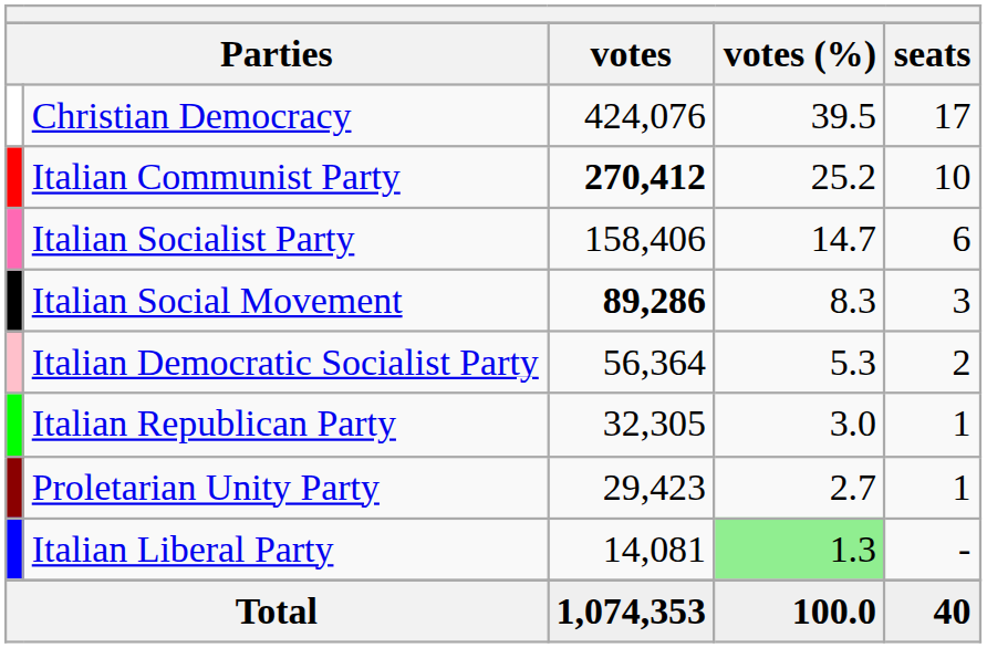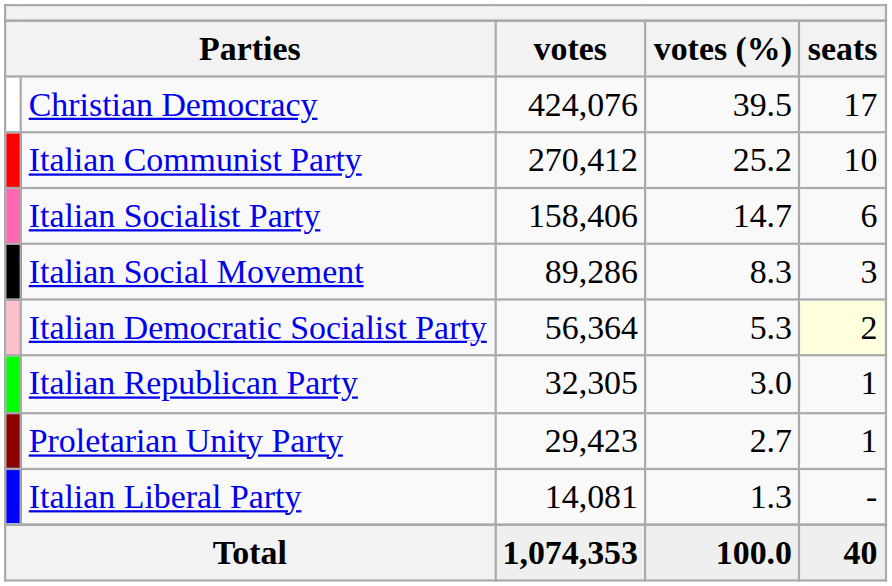 <table class="wikitable" style="font-size:95%">
 <tr>
 <th colspan=5></th>
 </tr>
 <tr>
 </tr>
 <tr bgcolor="EFEFEF">
 <th colspan=2>Parties</th>
 <th>votes</th>
 <th>votes (%)</th>
 <th>seats</th>
 </tr>
 <tr>
 <td bgcolor=White></td>
 <td><a href='#'>Christian Democracy</a></td>
 <td align=right>424,076</td>
 <td align=right>39.5</td>
 <td align=right>17</td>
 </tr>
 <tr>
 <td bgcolor=Red></td>
 <td><a href='#'>Italian Communist Party</a></td>
-<td align=right><strong>270,412</strong></td>
+<td align=right>270,412</td>
 <td align=right>25.2</td>
 <td align=right>10</td>
 </tr>
 <tr>
 <td bgcolor=Hotpink></td>
 <td><a href='#'>Italian Socialist Party</a></td>
 <td align=right>158,406</td>
 <td align=right>14.7</td>
 <td align=right>6</td>
 </tr>
 <tr>
 <td bgcolor=Black></td>
 <td><a href='#'>Italian Social Movement</a></td>
-<td align=right><strong>89,286</strong></td>
+<td align=right>89,286</td>
 <td align=right>8.3</td>
 <td align=right>3</td>
 </tr>
 <tr>
 <td bgcolor=Pink></td>
 <td><a href='#'>Italian Democratic Socialist Party</a></td>
 <td align=right>56,364</td>
 <td align=right>5.3</td>
-<td align=right>2</td>
+<td align=right style="background: lightyellow;">2</td>
 </tr>
 <tr>
 <td bgcolor=Lime></td>
 <td><a href='#'>Italian Republican Party</a></td>
 <td align=right>32,305</td>
 <td align=right>3.0</td>
 <td align=right>1</td>
 </tr>
 <tr>
 <td bgcolor=Darkred></td>
 <td><a href='#'>Proletarian Unity Party</a></td>
 <td align=right>29,423</td>
 <td align=right>2.7</td>
 <td align=right>1</td>
 </tr>
 <tr>
 <td bgcolor=Blue></td>
 <td><a href='#'>Italian Liberal Party</a></td>
 <td align=right>14,081</td>
-<td align=right style="background: lightgreen;">1.3</td>
+<td align=right>1.3</td>
 <td align=right>-</td>
 </tr>
 <tr>
 </tr>
 <tr bgcolor="EFEFEF">
 <th colspan=2><strong>Total</strong></th>
 <td align=right><strong>1,074,353</strong></td>
 <td align=right><strong>100.0</strong></td>
 <td align=right><strong>40</strong></td>
 </tr>
 </table>
